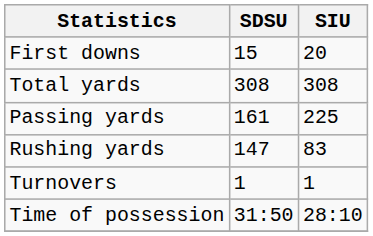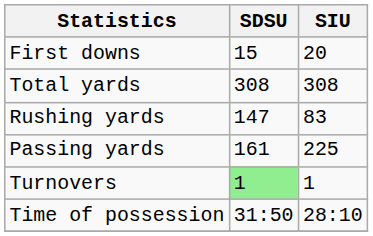 <table class="wikitable">
 <tr>
 <th>Statistics</th>
 <th>SDSU</th>
 <th>SIU</th>
 </tr>
 <tr>
 <td>First downs</td>
 <td>15</td>
 <td>20</td>
 </tr>
 <tr>
 <td>Total yards</td>
 <td>308</td>
 <td>308</td>
 </tr>
 <tr>
+<td>Rushing yards</td>
+<td>147</td>
+<td>83</td>
+</tr>
+<tr>
 <td>Passing yards</td>
 <td>161</td>
 <td>225</td>
 </tr>
 <tr>
-<td>Rushing yards</td>
-<td>147</td>
-<td>83</td>
-</tr>
-<tr>
 <td>Turnovers</td>
-<td>1</td>
+<td style="background: lightgreen;">1</td>
 <td>1</td>
 </tr>
 <tr>
 <td>Time of possession</td>
 <td>31:50</td>
 <td>28:10</td>
 </tr>
 <tr>
 </tr>
 </table>
